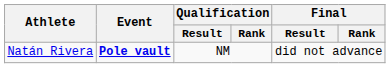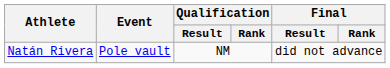 <table class="wikitable" style="font-size:90%">
 <tr>
 <th rowspan="2">Athlete</th>
 <th rowspan="2">Event</th>
 <th colspan="2">Qualification</th>
 <th colspan="2">Final</th>
 </tr>
 <tr style="font-size:95%">
 <th>Result</th>
 <th>Rank</th>
 <th>Result</th>
 <th>Rank</th>
 </tr>
 <tr style=text-align:center>
 <td style=text-align:left><a href='#'>Natán Rivera</a></td>
-<td style=text-align:left><strong><a href='#'>Pole vault</a></strong></td>
+<td style=text-align:left><a href='#'>Pole vault</a></td>
 <td colspan=2>NM</td>
 <td colspan=2>did not advance</td>
 </tr>
 </table>
